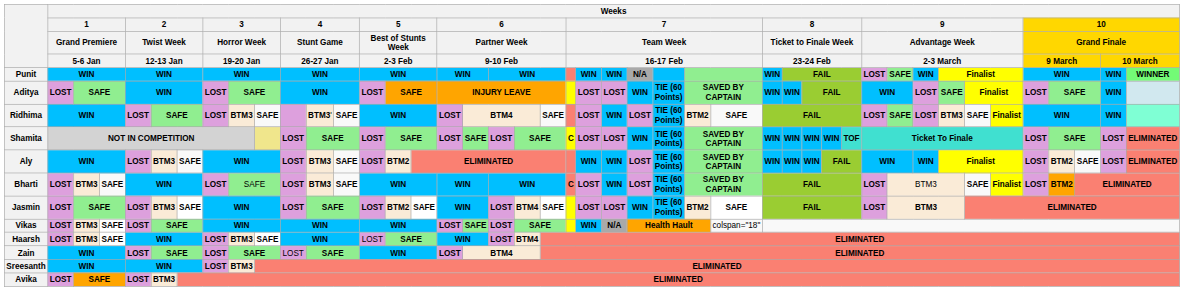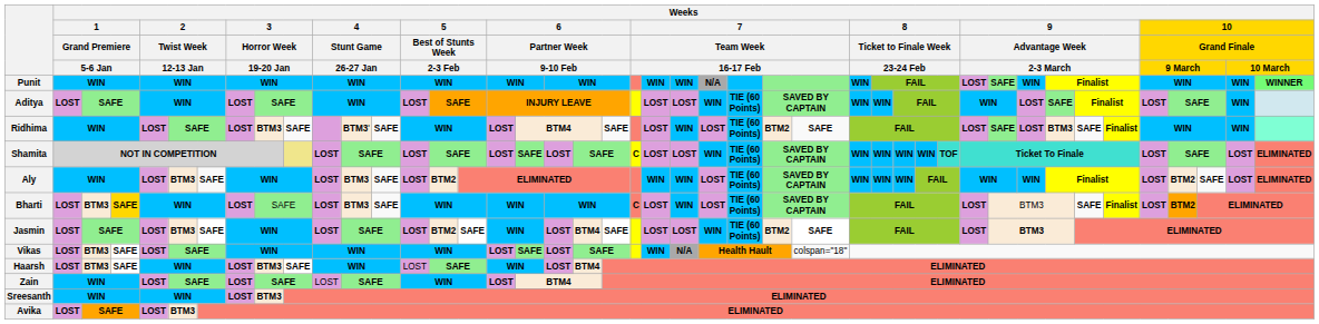 <table class="wikitable" border="2" class="wikitable" style="text-align:center; font-size:75%">
 <tr>
 <th rowspan="4"></th>
 <th colspan="45"><strong>Weeks</strong></th>
 </tr>
 <tr>
 <th colspan="3">1</th>
 <th colspan="3">2</th>
 <th colspan="3">3</th>
 <th colspan="4">4</th>
 <th colspan="3">5</th>
 <th colspan="5">6</th>
 <th colspan="7">7</th>
 <th colspan="5">8</th>
 <th colspan="6">9</th>
 <th colspan="6" style="background:gold;">10</th>
 </tr>
 <tr>
 <th colspan="3">Grand Premiere</th>
 <th colspan="3">Twist Week</th>
 <th colspan="3">Horror Week</th>
 <th colspan="4">Stunt Game</th>
 <th colspan="3">Best of Stunts Week</th>
 <th colspan="5">Partner Week</th>
 <th colspan="7">Team Week</th>
 <th colspan="5">Ticket to Finale Week</th>
 <th colspan="6">Advantage Week</th>
 <th colspan="6" style="background:gold;">Grand Finale</th>
 </tr>
 <tr>
 <th colspan="3">5-6 Jan</th>
 <th colspan="3">12-13 Jan</th>
 <th colspan="3">19-20 Jan</th>
 <th colspan="4">26-27 Jan</th>
 <th colspan="3">2-3 Feb</th>
 <th colspan="5">9-10 Feb</th>
 <th colspan="7">16-17 Feb</th>
 <th colspan="5">23-24 Feb</th>
 <th colspan="6">2-3 March</th>
 <th colspan="3" style="background:gold;">9 March</th>
 <th colspan="3" style="background:gold;">10 March</th>
 </tr>
 <tr>
 <th>Punit</th>
 <td colspan="3" bgcolor="deepskyblue"><strong>WIN</strong></td>
 <td colspan="3" bgcolor="deepskyblue"><strong>WIN</strong></td>
 <td colspan="3" bgcolor="deepskyblue"><strong>WIN</strong></td>
 <td colspan="4" bgcolor="deepskyblue"><strong>WIN</strong></td>
 <td colspan="3" bgcolor="deepskyblue"><strong>WIN</strong></td>
 <td colspan="2" bgcolor="deepskyblue"><strong>WIN</strong></td>
 <td colspan="3" bgcolor="deepskyblue"><strong>WIN</strong></td>
 <td bgcolor="salmon"></td>
 <td bgcolor="deepskyblue"><strong>WIN</strong></td>
 <td colspan="1" bgcolor="deepskyblue"><strong>WIN</strong></td>
 <td style="background:darkgrey;"><strong>N/A</strong></td>
 <td style="background:deepskyblue;"></td>
 <td colspan="2" style="background:lightgreen;"></td>
 <td bgcolor="deepskyblue"><strong>WIN</strong></td>
 <td colspan="4" bgcolor="yellowgreen"><strong>FAIL</strong></td>
 <td bgcolor="plum"><strong>LOST</strong></td>
 <td style="background:lightgreen;"><strong>SAFE</strong></td>
 <td bgcolor="deepskyblue"><strong>WIN</strong></td>
 <td colspan="3" bgcolor="yellow"><strong>Finalist</strong></td>
 <td colspan="3" bgcolor="deepskyblue"><strong>WIN</strong></td>
 <td colspan="2" bgcolor="deepskyblue"><strong>WIN</strong></td>
 <td colspan="1" bgcolor="#73FB76"><strong>WINNER</strong></td>
 </tr>
 <tr>
 <th>Aditya</th>
 <td bgcolor="plum"><strong>LOST</strong></td>
 <td colspan="2" style="background:lightgreen;"><strong>SAFE</strong></td>
 <td colspan="3" bgcolor="deepskyblue"><strong>WIN</strong></td>
 <td bgcolor="plum"><strong>LOST</strong></td>
 <td colspan="2" style="background:lightgreen;"><strong>SAFE</strong></td>
 <td colspan="4" bgcolor="deepskyblue"><strong>WIN</strong></td>
 <td bgcolor="plum"><strong>LOST</strong></td>
 <td colspan="2" style="background: orange;"><strong>SAFE</strong> </td>
 <td colspan="5" bgcolor="orange"><strong>INJURY LEAVE</strong></td>
 <td bgcolor="yellow"></td>
 <td bgcolor="plum"><strong>LOST</strong></td>
 <td colspan="1" bgcolor="plum"><strong>LOST</strong></td>
 <td bgcolor="deepskyblue"><strong>WIN</strong></td>
 <td style="background:deepskyblue;"><strong>TIE (60 Points)</strong></td>
 <td colspan="2" style="background:lightgreen;"><strong>SAVED BY CAPTAIN</strong></td>
 <td bgcolor="deepskyblue"><strong>WIN</strong></td>
 <td bgcolor="deepskyblue"><strong>WIN</strong></td>
 <td colspan="3" bgcolor="yellowgreen"><strong>FAIL</strong></td>
 <td colspan="2" bgcolor="deepskyblue"><strong>WIN</strong></td>
 <td bgcolor="plum"><strong>LOST</strong></td>
 <td colspan="1" style="background:lightgreen;"><strong>SAFE</strong></td>
 <td colspan="2" bgcolor="yellow"><strong>Finalist</strong></td>
 <td bgcolor="plum"><strong>LOST</strong></td>
 <td colspan="2" style="background:lightgreen;"><strong>SAFE</strong></td>
 <td colspan="2" bgcolor="deepskyblue"><strong>WIN</strong></td>
 <td colspan="1" bgcolor="#D1E8EF"></td>
 </tr>
 <tr>
 <th>Ridhima</th>
 <td colspan="3" bgcolor="deepskyblue"><strong>WIN</strong></td>
 <td bgcolor="plum"><strong>LOST</strong></td>
 <td colspan="2" style="background:lightgreen;"><strong>SAFE</strong></td>
 <td bgcolor="plum"><strong>LOST</strong></td>
 <td style="background:antiquewhite;"><strong>BTM3</strong></td>
 <td><strong>SAFE</strong></td>
 <td colspan=2 bgcolor="plum"><br></td>
 <td style="background:antiquewhite;"><strong>BTM3</strong>'</td>
 <td><strong>SAFE</strong></td>
 <td colspan="3" bgcolor="deepskyblue"><strong>WIN</strong></td>
 <td bgcolor="plum"><strong>LOST</strong></td>
 <td colspan=3 bgcolor="antiquewhite"><strong>BTM4</strong></td>
 <td><strong>SAFE</strong></td>
 <td bgcolor="salmon"></td>
 <td bgcolor="plum"><strong>LOST</strong></td>
 <td colspan="1" bgcolor="deepskyblue"><strong>WIN</strong></td>
 <td bgcolor="plum"><strong>LOST</strong></td>
 <td style="background:deepskyblue;"><strong>TIE (60 Points)</strong></td>
 <td style="background:antiquewhite;"><strong>BTM2</strong></td>
 <td><strong>SAFE</strong></td>
 <td colspan="5" bgcolor="yellowgreen"><strong>FAIL</strong></td>
 <td bgcolor="plum"><strong>LOST</strong></td>
 <td style="background:lightgreen;"><strong>SAFE</strong></td>
 <td bgcolor="plum"><strong>LOST</strong></td>
 <td style="background:antiquewhite;"><strong>BTM3</strong></td>
 <td><strong>SAFE</strong></td>
 <td bgcolor="yellow"><strong>Finalist</strong></td>
 <td colspan="3" bgcolor="deepskyblue"><strong>WIN</strong></td>
 <td colspan="2" bgcolor="deepskyblue"><strong>WIN</strong></td>
 <td colspan="1" bgcolor="#7FFFD4"></td>
 </tr>
 <tr>
 <th>Shamita</th>
 <td colspan="8" bgcolor="lightgray"><strong>NOT IN COMPETITION</strong></td>
 <td colspan="1" bgcolor="khaki"></td>
 <td colspan="2" bgcolor="plum"><strong>LOST</strong></td>
 <td colspan="2" style="background:lightgreen;"><strong>SAFE</strong></td>
 <td bgcolor="plum"><strong>LOST</strong></td>
 <td colspan="2" style="background:lightgreen;"><strong>SAFE</strong></td>
 <td bgcolor="plum"><strong>LOST</strong></td>
 <td style="background:lightgreen;"><strong>SAFE</strong></td>
 <td bgcolor="plum"><strong>LOST</strong></td>
 <td colspan="2" style="background:lightgreen;"><strong>SAFE</strong></td>
 <td bgcolor="yellow"><strong>C</strong></td>
 <td bgcolor="plum"><strong>LOST</strong></td>
 <td colspan="1" bgcolor="plum"><strong>LOST</strong></td>
 <td bgcolor="deepskyblue"><strong>WIN</strong></td>
 <td style="background:deepskyblue;"><strong>TIE (60 Points)</strong></td>
 <td colspan="2" style="background:lightgreen;"><strong>SAVED BY CAPTAIN</strong></td>
 <td bgcolor="deepskyblue"><strong>WIN</strong></td>
 <td bgcolor="deepskyblue"><strong>WIN</strong></td>
 <td bgcolor="deepskyblue"><strong>WIN</strong></td>
 <td bgcolor="deepskyblue"><strong>WIN</strong></td>
 <td bgcolor="turquoise"><span><strong>TOF</strong></span></td>
 <td colspan="6" bgcolor="turquoise"><strong>Ticket To Finale</strong></td>
 <td bgcolor="plum"><strong>LOST</strong></td>
 <td colspan="2" style="background:lightgreen;"><strong>SAFE</strong></td>
 <td bgcolor="plum"><strong>LOST</strong></td>
 <td colspan="2" bgcolor="salmon"><strong>ELIMINATED</strong></td>
 </tr>
 <tr>
 <th>Aly</th>
 <td colspan="3" bgcolor="deepskyblue"><strong>WIN</strong></td>
 <td bgcolor="plum"><strong>LOST</strong></td>
 <td style="background:antiquewhite;"><strong>BTM3</strong></td>
 <td><strong>SAFE</strong></td>
 <td colspan="3" bgcolor="deepskyblue"><strong>WIN</strong></td>
 <td colspan=2 bgcolor="plum"><strong>LOST</strong></td>
 <td style="background:antiquewhite;"><strong>BTM3</strong></td>
 <td><strong>SAFE</strong></td>
 <td bgcolor="plum"><strong>LOST</strong></td>
 <td style="background:antiquewhite;"><strong>BTM2</strong></td>
 <td colspan="6" bgcolor="salmon"><strong>ELIMINATED</strong></td>
 <td bgcolor="salmon"></td>
 <td bgcolor="deepskyblue"><strong>WIN</strong></td>
 <td colspan="1" bgcolor="deepskyblue"><strong>WIN</strong></td>
 <td bgcolor="plum"><strong>LOST</strong></td>
 <td style="background:deepskyblue;"><strong>TIE (60 Points)</strong></td>
 <td colspan="2" style="background:lightgreen;"><strong>SAVED BY CAPTAIN</strong></td>
 <td bgcolor="deepskyblue"><strong>WIN</strong></td>
 <td bgcolor="deepskyblue"><strong>WIN</strong></td>
 <td bgcolor="deepskyblue"><strong>WIN</strong></td>
 <td colspan="2" bgcolor="yellowgreen"><strong>FAIL</strong></td>
 <td colspan="2" bgcolor="deepskyblue"><strong>WIN</strong></td>
 <td bgcolor="deepskyblue"><strong>WIN</strong></td>
 <td colspan="3" bgcolor="yellow"><strong>Finalist</strong></td>
 <td bgcolor="plum"><strong>LOST</strong></td>
 <td style="background:antiquewhite;"><strong>BTM2</strong></td>
 <td><strong>SAFE</strong></td>
 <td bgcolor="plum"><strong>LOST</strong></td>
 <td colspan="2" bgcolor="salmon"><strong>ELIMINATED</strong></td>
 </tr>
 <tr>
 <th>Bharti</th>
 <td bgcolor="plum"><strong>LOST</strong></td>
 <td style="background:antiquewhite;"><strong>BTM3</strong></td>
-<td><strong>SAFE</strong></td>
+<td style="background: gold;"><strong>SAFE</strong></td>
 <td colspan="3" bgcolor="deepskyblue"><strong>WIN</strong></td>
 <td bgcolor="plum"><strong>LOST</strong></td>
 <td colspan="2" style="background:lightgreen;">SAFE</td>
 <td colspan=2 bgcolor="plum"><strong>LOST</strong></td>
 <td style="background:antiquewhite;"><strong>BTM3</strong></td>
 <td><strong>SAFE</strong></td>
 <td colspan="3" bgcolor="deepskyblue"><strong>WIN</strong></td>
 <td colspan="2" bgcolor="deepskyblue"><strong>WIN</strong></td>
 <td colspan="3" bgcolor="deepskyblue"><strong>WIN</strong></td>
 <td bgcolor="salmon"><strong>C</strong></td>
 <td bgcolor="plum"><strong>LOST</strong></td>
 <td colspan="1" bgcolor="deepskyblue"><strong>WIN</strong></td>
 <td bgcolor="plum"><strong>LOST</strong></td>
 <td style="background:deepskyblue;"><strong>TIE (60 Points)</strong></td>
 <td colspan="2" style="background:lightgreen;"><strong>SAVED BY CAPTAIN</strong></td>
 <td colspan="5" bgcolor="yellowgreen"><strong>FAIL</strong></td>
 <td bgcolor="plum"><strong>LOST</strong></td>
 <td colspan=3 bgcolor="antiquewhite">BTM3</td>
 <td><strong>SAFE</strong></td>
 <td bgcolor="yellow"><strong>Finalist</strong></td>
 <td bgcolor="plum"><strong>LOST</strong></td>
 <td style="background: orange"><strong>BTM2</strong></td>
 <td colspan="4" bgcolor="salmon"><strong>ELIMINATED</strong></td>
 </tr>
 <tr>
 <th>Jasmin</th>
 <td bgcolor="plum"><strong>LOST</strong></td>
 <td colspan="2" bgcolor="lightgreen"><strong>SAFE</strong></td>
 <td style="background:plum;"><strong>LOST</strong></td>
 <td style="background:antiquewhite;"><strong>BTM3</strong></td>
 <td bgcolor="white"><strong>SAFE</strong></td>
 <td colspan="3" bgcolor="deepskyblue"><strong>WIN</strong></td>
 <td colspan=2 bgcolor="plum"><strong>LOST</strong></td>
 <td colspan=2 style="background:lightgreen;"><strong>SAFE</strong></td>
 <td bgcolor="plum"><strong>LOST</strong></td>
 <td style="background:antiquewhite;"><strong>BTM2</strong></td>
 <td bgcolor="white"><strong>SAFE</strong></td>
 <td colspan="2" bgcolor="deepskyblue"><strong>WIN</strong></td>
 <td bgcolor="plum"><strong>LOST</strong></td>
 <td style="background:antiquewhite;"><strong>BTM4</strong></td>
 <td bgcolor="white"><strong>SAFE</strong></td>
 <td bgcolor="yellow"></td>
 <td bgcolor="plum"><strong>LOST</strong></td>
 <td colspan="1" bgcolor="plum"><strong>LOST</strong></td>
 <td bgcolor="deepskyblue"><strong>WIN</strong></td>
 <td style="background:deepskyblue;"><strong>TIE (60 Points)</strong></td>
 <td style="background:antiquewhite;"><strong>BTM2</strong></td>
 <td bgcolor="white"><strong>SAFE</strong></td>
 <td colspan="5" bgcolor="yellowgreen"><strong>FAIL</strong></td>
 <td bgcolor="plum"><strong>LOST</strong></td>
 <td colspan="3" bgcolor="antiquewhite"><strong>BTM3</strong></td>
 <td colspan="8" bgcolor="salmon"><strong>ELIMINATED</strong></td>
 </tr>
 <tr>
 <th>Vikas</th>
 <td bgcolor="plum"><strong>LOST</strong></td>
 <td style="background:antiquewhite;"><strong>BTM3</strong></td>
 <td style="background:white;"><strong>SAFE</strong></td>
 <td bgcolor="plum"><strong>LOST</strong></td>
 <td colspan=2 style="background:lightgreen;"><strong>SAFE</strong></td>
 <td colspan="3" bgcolor="deepskyblue"><strong>WIN</strong></td>
 <td colspan="4" bgcolor="deepskyblue"><strong>WIN</strong></td>
 <td colspan="3" bgcolor="deepskyblue"><strong>WIN</strong></td>
 <td bgcolor="plum"><strong>LOST</strong></td>
 <td style="background:lightgreen;"><strong>SAFE</strong></td>
 <td bgcolor="plum"><strong>LOST</strong></td>
 <td colspan="2" style="background:lightgreen;"><strong>SAFE</strong></td>
 <td bgcolor="yellow"></td>
 <td colspan="1" bgcolor="deepskyblue"><strong>WIN</strong></td>
 <td colspan="1" bgcolor="darkgrey"><strong>N/A</strong></td>
 <td colspan="3" bgcolor="orange"><strong>Health Hault</strong></td>
 <td>colspan="18" </td>
 </tr>
 <tr>
 <th>Haarsh</th>
 <td bgcolor="plum"><strong>LOST</strong></td>
 <td style="background:antiquewhite;"><strong>BTM3</strong></td>
 <td bgcolor="white"><strong>SAFE</strong></td>
 <td colspan="3" bgcolor="deepskyblue"><strong>WIN</strong></td>
 <td bgcolor="plum"><strong>LOST</strong></td>
 <td style="background:antiquewhite;"><strong>BTM3</strong></td>
 <td bgcolor="white"><strong>SAFE</strong></td>
 <td colspan="4" bgcolor="deepskyblue"><strong>WIN</strong></td>
 <td bgcolor="plum">LOST</td>
 <td colspan="2" style="background:lightgreen;"><strong>SAFE</strong></td>
 <td colspan="2" bgcolor="deepskyblue"><strong>WIN</strong></td>
 <td bgcolor="plum"><strong>LOST</strong></td>
 <td bgcolor="antiquewhite"><strong>BTM4</strong></td>
 <td colspan="25" bgcolor="salmon"><strong>ELIMINATED</strong></td>
 </tr>
 <tr>
 <th>Zain</th>
 <td colspan="3" bgcolor="deepskyblue"><strong>WIN</strong></td>
 <td bgcolor="plum"><strong>LOST</strong></td>
 <td colspan="2" style="background:lightgreen;"><strong>SAFE</strong></td>
 <td bgcolor="plum"><strong>LOST</strong></td>
 <td colspan="2" style="background:lightgreen;"><strong>SAFE</strong></td>
 <td colspan="2" bgcolor="plum">LOST</td>
 <td colspan="2" style="background:lightgreen;"><strong>SAFE</strong></td>
 <td colspan="3" bgcolor="deepskyblue"><strong>WIN</strong></td>
 <td bgcolor="plum"><strong>LOST</strong></td>
 <td colspan=3 bgcolor="antiquewhite"><strong>BTM4</strong></td>
 <td colspan="25" bgcolor="salmon"><strong>ELIMINATED</strong></td>
 </tr>
 <tr>
 <th>Sreesanth</th>
 <td colspan="3" bgcolor="deepskyblue"><strong>WIN</strong></td>
 <td colspan="3" bgcolor="deepskyblue"><strong>WIN</strong></td>
 <td bgcolor="plum"><strong>LOST</strong></td>
 <td style="background:antiquewhite;"><strong>BTM3</strong></td>
 <td colspan="37" bgcolor="salmon"><strong>ELIMINATED</strong></td>
 </tr>
 <tr>
 <th>Avika</th>
 <td bgcolor="plum"><strong>LOST</strong></td>
 <td colspan="2" style="background:orange;"><strong>SAFE</strong></td>
 <td bgcolor="plum"><strong>LOST</strong></td>
 <td style="background:antiquewhite;"><strong>BTM3</strong></td>
 <td colspan="40" bgcolor="salmon"><strong>ELIMINATED</strong></td>
 </tr>
 </table>
